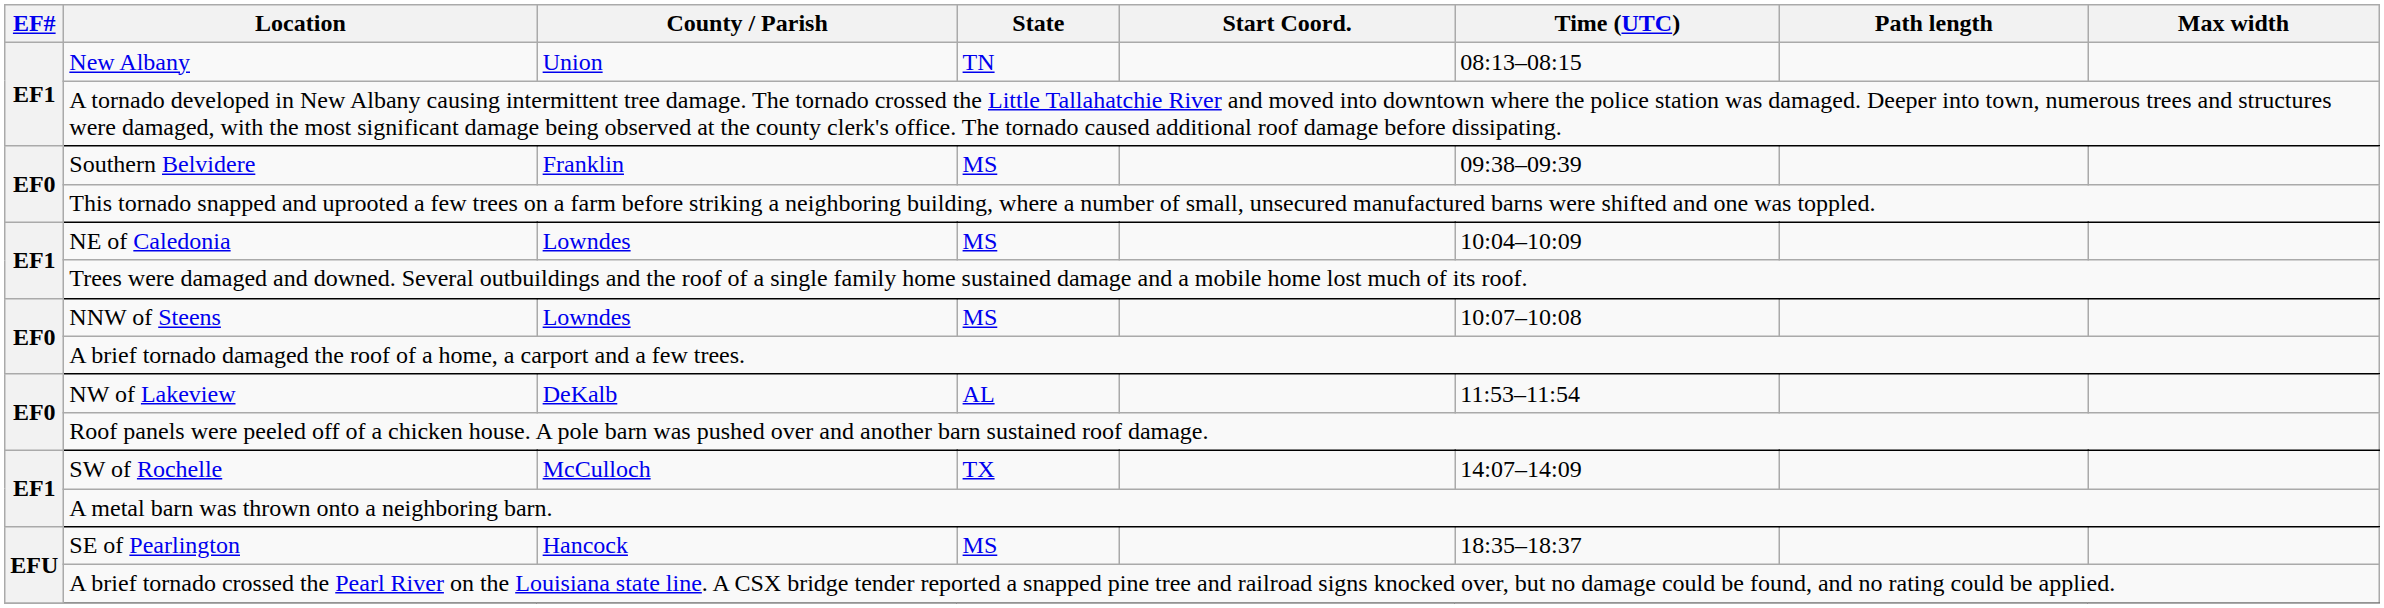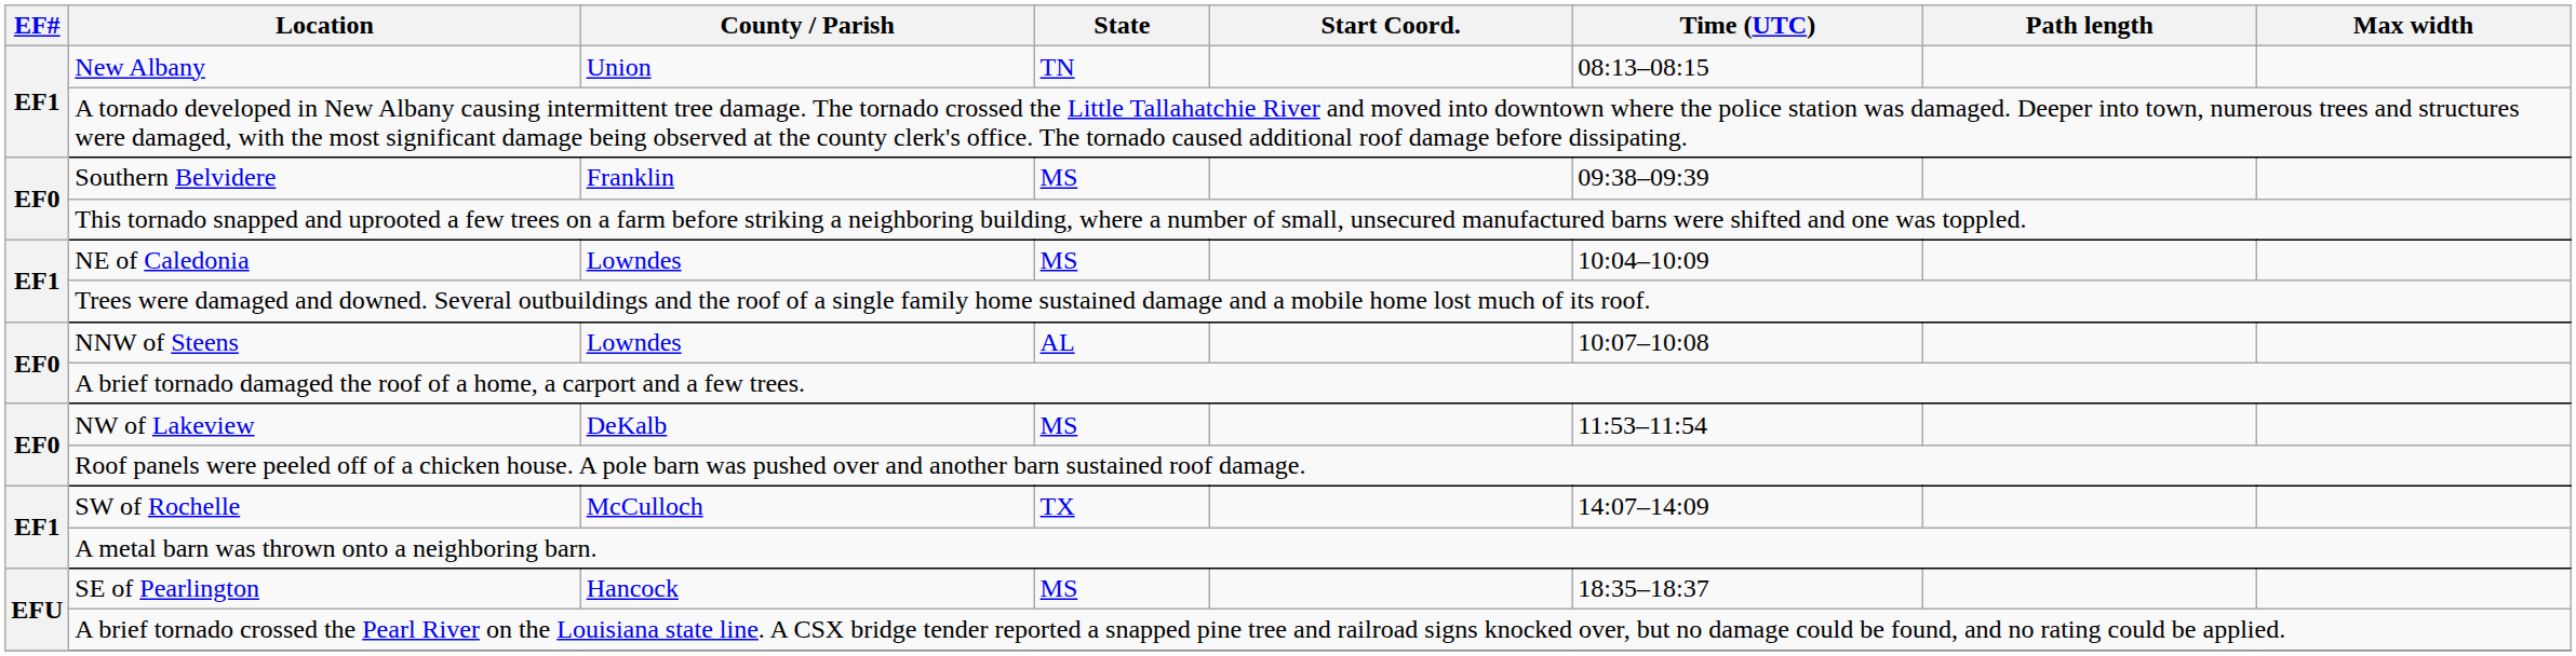 <table class="wikitable sortable" style="width:100%;">
 <tr>
 <th scope="col" width="2%" align="center"><a href='#'>EF#</a></th>
 <th scope="col" align="center" class="unsortable">Location</th>
 <th scope="col" align="center" class="unsortable">County / Parish</th>
 <th scope="col" align="center">State</th>
 <th scope="col" align="center">Start Coord.</th>
 <th scope="col" align="center">Time (<a href='#'>UTC</a>)</th>
 <th scope="col" align="center">Path length</th>
 <th scope="col" align="center">Max width</th>
 </tr>
 <tr>
 <th scope="row" rowspan="2" style="background-color:#">EF1</th>
 <td><a href='#'>New Albany</a></td>
 <td><a href='#'>Union</a></td>
 <td><a href='#'>TN</a></td>
 <td></td>
 <td>08:13–08:15</td>
 <td></td>
 <td></td>
 </tr>
 <tr class="expand-child">
 <td colspan="8" style=" border-bottom: 1px solid black;">A tornado developed in New Albany causing intermittent tree damage. The tornado crossed the <a href='#'>Little Tallahatchie River</a> and moved into downtown where the police station was damaged. Deeper into town, numerous trees and structures were damaged, with the most significant damage being observed at the county clerk's office. The tornado caused additional roof damage before dissipating.</td>
 </tr>
 <tr>
 <th scope="row" rowspan="2" style="background-color:#">EF0</th>
 <td>Southern <a href='#'>Belvidere</a></td>
 <td><a href='#'>Franklin</a></td>
 <td><a href='#'>MS</a></td>
 <td></td>
 <td>09:38–09:39</td>
 <td></td>
 <td></td>
 </tr>
 <tr class="expand-child">
 <td colspan="8" style=" border-bottom: 1px solid black;">This tornado snapped and uprooted a few trees on a farm before striking a neighboring building, where a number of small, unsecured manufactured barns were shifted and one was toppled.</td>
 </tr>
 <tr>
 <th scope="row" rowspan="2" style="background-color:#">EF1</th>
 <td>NE of <a href='#'>Caledonia</a></td>
 <td><a href='#'>Lowndes</a></td>
 <td><a href='#'>MS</a></td>
 <td></td>
 <td>10:04–10:09</td>
 <td></td>
 <td></td>
 </tr>
 <tr class="expand-child">
 <td colspan="8" style=" border-bottom: 1px solid black;">Trees were damaged and downed. Several outbuildings and the roof of a single family home sustained damage and a mobile home lost much of its roof.</td>
 </tr>
 <tr>
 <th scope="row" rowspan="2" style="background-color:#">EF0</th>
 <td>NNW of <a href='#'>Steens</a></td>
 <td><a href='#'>Lowndes</a></td>
-<td><a href='#'>MS</a></td>
+<td><a href='#'>AL</a></td>
 <td></td>
 <td>10:07–10:08</td>
 <td></td>
 <td></td>
 </tr>
 <tr class="expand-child">
 <td colspan="8" style=" border-bottom: 1px solid black;">A brief tornado damaged the roof of a home, a carport and a few trees.</td>
 </tr>
 <tr>
 <th scope="row" rowspan="2" style="background-color:#">EF0</th>
 <td>NW of <a href='#'>Lakeview</a></td>
 <td><a href='#'>DeKalb</a></td>
-<td><a href='#'>AL</a></td>
+<td><a href='#'>MS</a></td>
 <td></td>
 <td>11:53–11:54</td>
 <td></td>
 <td></td>
 </tr>
 <tr class="expand-child">
 <td colspan="8" style=" border-bottom: 1px solid black;">Roof panels were peeled off of a chicken house. A pole barn was pushed over and another barn sustained roof damage.</td>
 </tr>
 <tr>
 <th scope="row" rowspan="2" style="background-color:#">EF1</th>
 <td>SW of <a href='#'>Rochelle</a></td>
 <td><a href='#'>McCulloch</a></td>
 <td><a href='#'>TX</a></td>
 <td></td>
 <td>14:07–14:09</td>
 <td></td>
 <td></td>
 </tr>
 <tr class="expand-child">
 <td colspan="8" style=" border-bottom: 1px solid black;">A metal barn was thrown onto a neighboring barn.</td>
 </tr>
 <tr>
 <th scope="row" rowspan="2" style="background-color:#">EFU</th>
 <td>SE of <a href='#'>Pearlington</a></td>
 <td><a href='#'>Hancock</a></td>
 <td><a href='#'>MS</a></td>
 <td></td>
 <td>18:35–18:37</td>
 <td></td>
 <td></td>
 </tr>
 <tr class="expand-child">
 <td colspan="8" style=" border-bottom: 1px solid black;">A brief tornado crossed the <a href='#'>Pearl River</a> on the <a href='#'>Louisiana state line</a>. A CSX bridge tender reported a snapped pine tree and railroad signs knocked over, but no damage could be found, and no rating could be applied.</td>
 </tr>
 <tr>
 </tr>
 </table>
